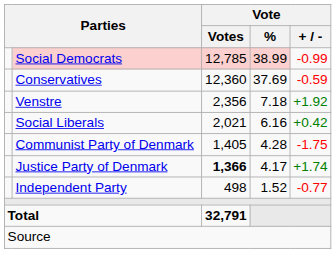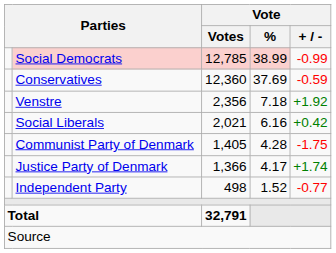 <table class="wikitable" style="text-align:right;">
 <tr>
 <th style="text-align:centre;" rowspan="2" colspan="2" width="225">Parties</th>
 <th colspan="3">Vote</th>
 </tr>
 <tr>
 <th width="15">Votes</th>
 <th width="15">%</th>
 <th width="15">+ / -</th>
 </tr>
 <tr>
 <td width="2" style="color:inherit;background:"></td>
 <td bgcolor=#fbd0ce  align="left"><a href='#'>Social Democrats</a></td>
 <td bgcolor=#fbd0ce>12,785</td>
 <td bgcolor=#fbd0ce>38.99</td>
 <td style=color:red;>-0.99</td>
 </tr>
 <tr>
 <td width="2" style="color:inherit;background:"></td>
 <td align="left"><a href='#'>Conservatives</a></td>
 <td>12,360</td>
 <td>37.69</td>
 <td style=color:red;>-0.59</td>
 </tr>
 <tr>
 <td width="2" style="color:inherit;background:"></td>
 <td align="left"><a href='#'>Venstre</a></td>
 <td>2,356</td>
 <td>7.18</td>
 <td style=color:green;>+1.92</td>
 </tr>
 <tr>
 <td width="2" style="color:inherit;background:"></td>
 <td align="left"><a href='#'>Social Liberals</a></td>
 <td>2,021</td>
 <td>6.16</td>
 <td style=color:green;>+0.42</td>
 </tr>
 <tr>
 <td width="2" style="color:inherit;background:"></td>
 <td align="left"><a href='#'>Communist Party of Denmark</a></td>
 <td>1,405</td>
 <td>4.28</td>
 <td style=color:red;>-1.75</td>
 </tr>
 <tr>
 <td width="2" style="color:inherit;background:"></td>
 <td align="left"><a href='#'>Justice Party of Denmark</a></td>
-<td><strong>1,366</strong></td>
+<td>1,366</td>
 <td>4.17</td>
 <td style=color:green;>+1.74</td>
 </tr>
 <tr>
 <td width="2" style="color:inherit;background:"></td>
 <td align="left"><a href='#'>Independent Party</a></td>
 <td>498</td>
 <td>1.52</td>
 <td style=color:red;>-0.77</td>
 </tr>
 <tr>
 <td colspan="7" bgcolor="#E9E9E9"></td>
 </tr>
 <tr>
 <td align="left" colspan="2"><strong>Total</strong></td>
 <td><strong>32,791</strong></td>
 <td bgcolor="#E9E9E9" colspan="2"></td>
 </tr>
 <tr>
 <td align="left" colspan="6">Source</td>
 </tr>
 </table>
